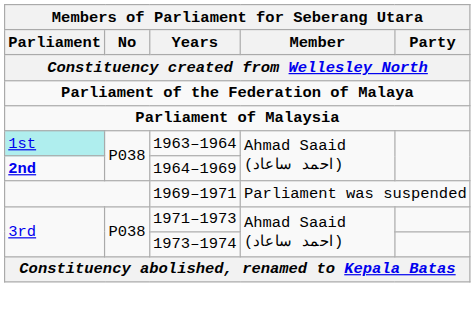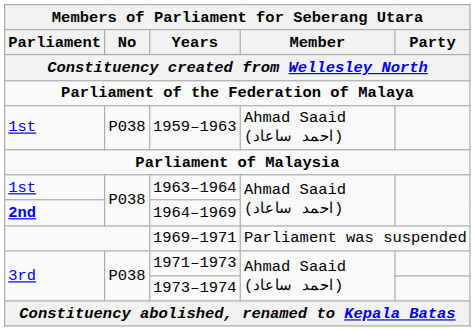 <table class=wikitable>
 <tr>
 <th colspan="5">Members of Parliament for Seberang Utara</th>
 </tr>
 <tr>
 <th>Parliament</th>
 <th>No</th>
 <th>Years</th>
 <th>Member</th>
 <th>Party</th>
 </tr>
 <tr>
 <th colspan="5" align="center"><em>Constituency created from <a href='#'>Wellesley North</a></em></th>
 </tr>
 <tr>
 <td colspan="5" align="center"><strong>Parliament of the Federation of Malaya</strong></td>
 </tr>
 <tr>
+<td><a href='#'>1st</a></td>
+<td>P038</td>
+<td>1959–1963</td>
+<td>Ahmad Saaid <br> (احمد ساعاد)</td>
+<td></td>
+</tr>
+<tr>
 <td colspan="5" align="center"><strong>Parliament of Malaysia</strong></td>
 </tr>
 <tr>
-<td style="background: paleturquoise;"><a href='#'>1st</a></td>
+<td><a href='#'>1st</a></td>
 <td rowspan="2">P038</td>
 <td>1963–1964</td>
 <td rowspan="2">Ahmad Saaid <br> (احمد ساعاد)</td>
 <td rowspan=2></td>
 </tr>
 <tr>
 <td><strong><a href='#'>2nd</a></strong></td>
 <td>1964–1969</td>
 </tr>
 <tr>
 <td colspan="2"></td>
 <td>1969–1971</td>
 <td colspan="2" align="center">Parliament was suspended</td>
 </tr>
 <tr>
 <td rowspan=2><a href='#'>3rd</a></td>
 <td rowspan="2">P038</td>
 <td>1971–1973</td>
 <td rowspan="2">Ahmad Saaid <br> (احمد ساعاد)</td>
 <td></td>
 </tr>
 <tr>
 <td>1973–1974</td>
 <td></td>
 </tr>
 <tr>
 <th colspan="5" align="center"><em>Constituency abolished, renamed to <a href='#'>Kepala Batas</a></em></th>
 </tr>
 </table>
